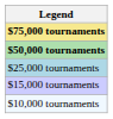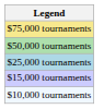 <table class="wikitable" style="font-size:85%;">
 <tr>
 <th>Legend</th>
 </tr>
 <tr style="background:#f7e98e;">
-<td><strong>$75,000 tournaments</strong></td>
+<td>$75,000 tournaments</td>
 </tr>
 <tr style="background:#addfad;">
-<td><strong>$50,000 tournaments</strong></td>
+<td>$50,000 tournaments</td>
 </tr>
 <tr style="background:lightblue;">
 <td>$25,000 tournaments</td>
 </tr>
 <tr style="background:#ccccff;">
 <td>$15,000 tournaments</td>
 </tr>
 <tr style="background:#f0f8ff;">
 <td>$10,000 tournaments</td>
 </tr>
 </table>
